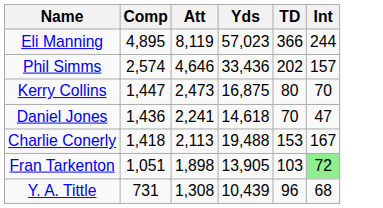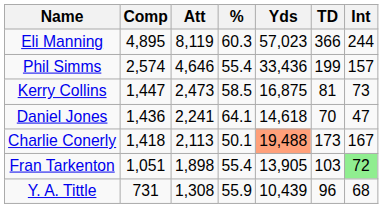 <table class="wikitable sortable" style="text-align:center">
 <tr>
 <th scope="col">Name</th>
 <th scope="col">Comp</th>
 <th>Att</th>
+<th>%</th>
 <th>Yds</th>
 <th>TD</th>
 <th>Int</th>
 </tr>
 <tr>
 <td><a href='#'>Eli Manning</a></td>
 <td>4,895</td>
 <td>8,119</td>
+<td>60.3</td>
 <td>57,023</td>
 <td>366</td>
 <td>244</td>
 </tr>
 <tr>
 <td><a href='#'>Phil Simms</a></td>
 <td>2,574</td>
 <td>4,646</td>
+<td>55.4</td>
 <td>33,436</td>
-<td>202</td>
+<td>199</td>
 <td>157</td>
 </tr>
 <tr>
 <td><a href='#'>Kerry Collins</a></td>
 <td>1,447</td>
 <td>2,473</td>
+<td>58.5</td>
 <td>16,875</td>
-<td>80</td>
-<td>70</td>
+<td>81</td>
+<td>73</td>
 </tr>
 <tr>
 <td><a href='#'>Daniel Jones</a></td>
 <td>1,436</td>
 <td>2,241</td>
+<td>64.1</td>
 <td>14,618</td>
 <td>70</td>
 <td>47</td>
 </tr>
 <tr>
 <td><a href='#'>Charlie Conerly</a></td>
 <td>1,418</td>
 <td>2,113</td>
-<td>19,488</td>
-<td>153</td>
+<td>50.1</td>
+<td style="background: lightsalmon;">19,488</td>
+<td>173</td>
 <td>167</td>
 </tr>
 <tr>
 <td><a href='#'>Fran Tarkenton</a></td>
 <td>1,051</td>
 <td>1,898</td>
+<td>55.4</td>
 <td>13,905</td>
 <td>103</td>
 <td style="background: lightgreen;">72</td>
 </tr>
 <tr>
 <td><a href='#'>Y. A. Tittle</a></td>
 <td>731</td>
 <td>1,308</td>
+<td>55.9</td>
 <td>10,439</td>
 <td>96</td>
 <td>68</td>
 </tr>
 </table>
